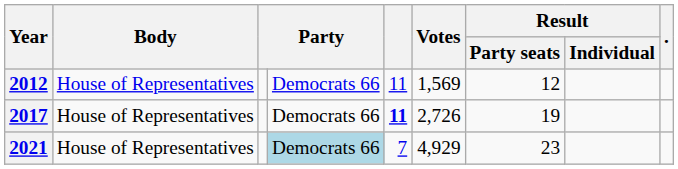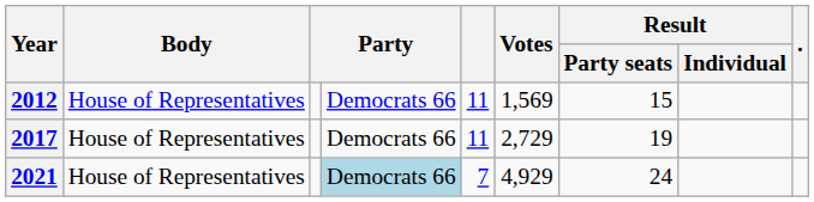 <table class="wikitable plainrowheaders sortable" border=2 cellpadding=4 cellspacing=0 style="border: 1px #aaa solid; font-size: 90%; text-align:center;">
 <tr>
 <th scope="col" rowspan=2>Year</th>
 <th scope="col" rowspan=2>Body</th>
 <th scope="col" colspan=2 rowspan=2>Party</th>
 <th scope="col" rowspan=2></th>
 <th scope="col" rowspan=2>Votes</th>
 <th scope="colgroup" colspan=2>Result</th>
 <th scope="col" rowspan=2 class="unsortable">.</th>
 </tr>
 <tr>
 <th scope="col">Party seats</th>
 <th scope="col">Individual</th>
 </tr>
 <tr>
 <th scope="row"><a href='#'>2012</a></th>
 <td><a href='#'>House of Representatives</a></td>
 <td style="background-color:"></td>
 <td><a href='#'>Democrats 66</a></td>
 <td style=text-align:right><a href='#'>11</a></td>
 <td style=text-align:right>1,569</td>
-<td style=text-align:right>12</td>
+<td style=text-align:right>15</td>
 <td></td>
 <td></td>
 </tr>
 <tr>
 <th scope="row"><a href='#'>2017</a></th>
 <td>House of Representatives</td>
 <td style="background-color:"></td>
 <td>Democrats 66</td>
-<td style=text-align:right><strong><a href='#'>11</a></strong></td>
-<td style=text-align:right>2,726</td>
+<td style=text-align:right><a href='#'>11</a></td>
+<td style=text-align:right>2,729</td>
 <td style=text-align:right>19</td>
 <td></td>
 <td></td>
 </tr>
 <tr>
 <th scope="row"><a href='#'>2021</a></th>
 <td>House of Representatives</td>
 <td style="background-color:"></td>
 <td style="background: lightblue;">Democrats 66</td>
 <td style=text-align:right><a href='#'>7</a></td>
 <td style=text-align:right>4,929</td>
-<td style=text-align:right>23</td>
+<td style=text-align:right>24</td>
 <td></td>
 <td></td>
 </tr>
 </table>
